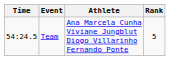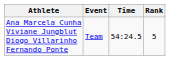 <table class=wikitable style="font-size:90%;">
 <tr>
+<th>Athlete</th>
+<th>Event</th>
 <th>Time</th>
-<th>Event</th>
-<th>Athlete</th>
 <th>Rank</th>
 </tr>
 <tr align=center>
+<td align=left><a href='#'>Ana Marcela Cunha</a><br><a href='#'>Viviane Jungblut</a><br><a href='#'>Diogo Villarinho</a><br><a href='#'>Fernando Ponte</a></td>
+<td align=left><a href='#'>Team</a></td>
 <td>54:24.5</td>
-<td align=left><a href='#'>Team</a></td>
-<td align=left><a href='#'>Ana Marcela Cunha</a><br><a href='#'>Viviane Jungblut</a><br><a href='#'>Diogo Villarinho</a><br><a href='#'>Fernando Ponte</a></td>
 <td>5</td>
 </tr>
 </table>
